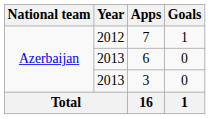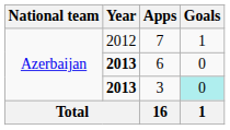 <table class="wikitable" style="text-align:center">
 <tr>
 <th>National team</th>
 <th>Year</th>
 <th>Apps</th>
 <th>Goals</th>
 </tr>
 <tr>
 <td rowspan="3"><a href='#'>Azerbaijan</a></td>
 <td>2012</td>
 <td>7</td>
 <td>1</td>
 </tr>
 <tr>
-<td>2013</td>
+<td><strong>2013</strong></td>
 <td>6</td>
 <td>0</td>
 </tr>
 <tr>
-<td>2013</td>
+<td><strong>2013</strong></td>
 <td>3</td>
-<td>0</td>
+<td style="background: paleturquoise;">0</td>
 </tr>
 <tr>
 <th colspan="2">Total</th>
 <th>16</th>
 <th>1</th>
 </tr>
 </table>
